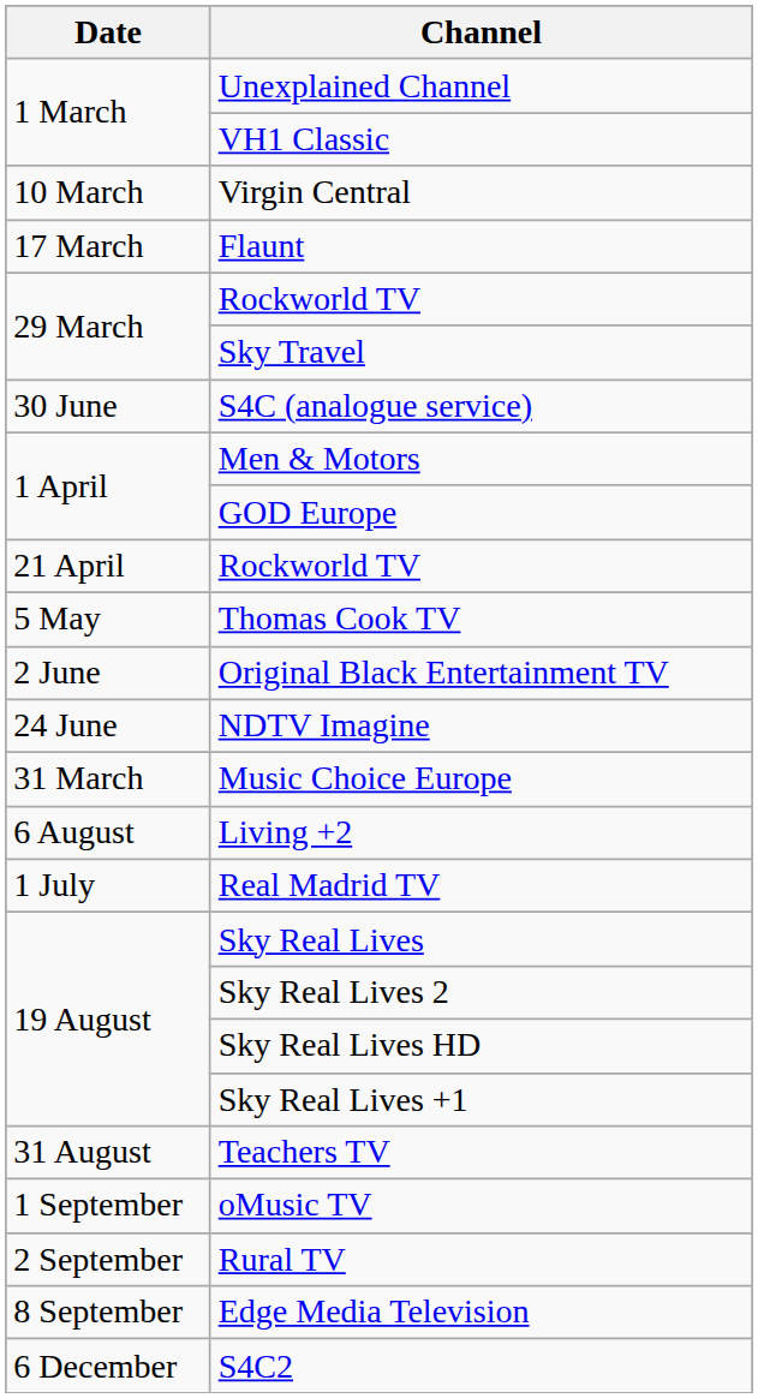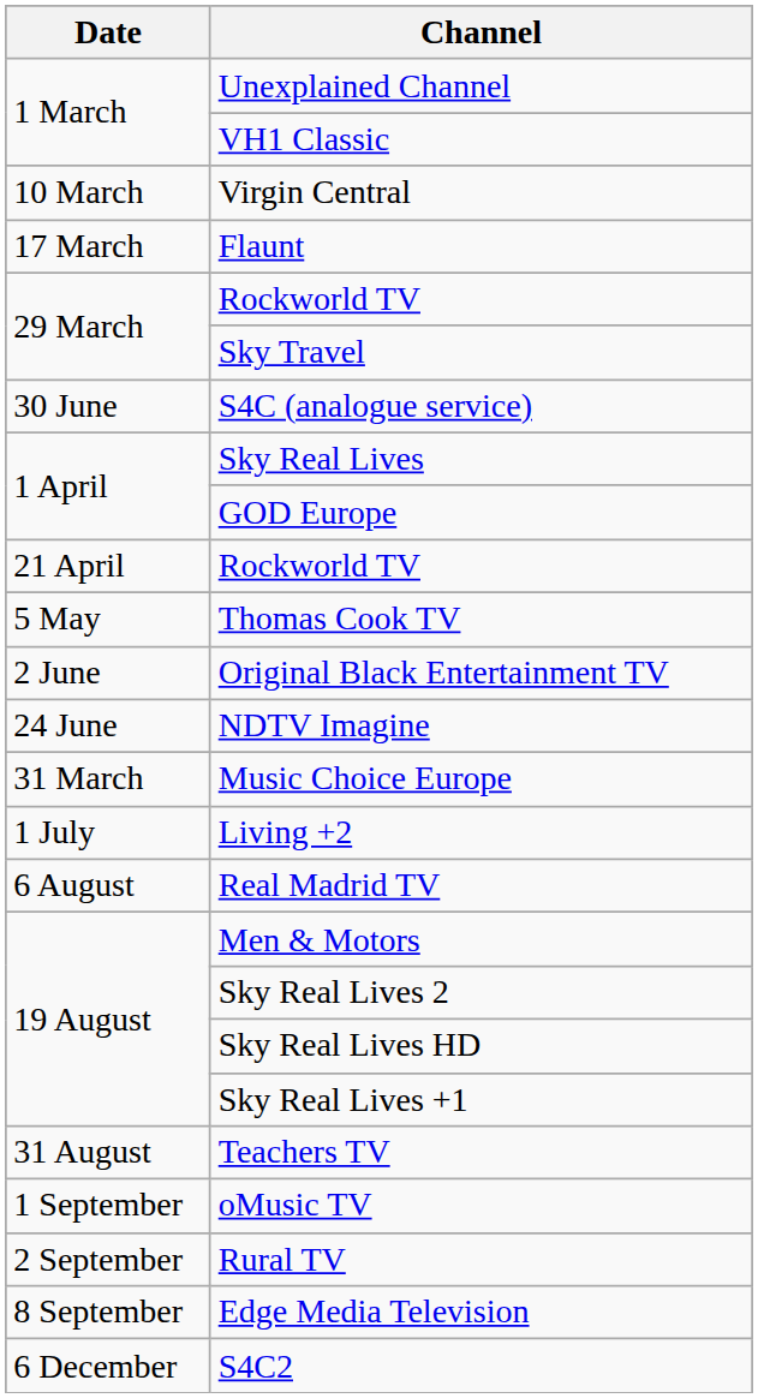 <table class="wikitable">
 <tr>
 <th width=90>Date</th>
 <th width=250>Channel</th>
 </tr>
 <tr>
 <td rowspan=2>1 March</td>
 <td><a href='#'>Unexplained Channel</a></td>
 </tr>
 <tr>
 <td><a href='#'>VH1 Classic</a></td>
 </tr>
 <tr>
 <td>10 March</td>
 <td>Virgin Central</td>
 </tr>
 <tr>
 <td>17 March</td>
 <td><a href='#'>Flaunt</a></td>
 </tr>
 <tr>
 <td rowspan=2>29 March</td>
 <td><a href='#'>Rockworld TV</a></td>
 </tr>
 <tr>
 <td><a href='#'>Sky Travel</a></td>
 </tr>
 <tr>
 <td>30 June</td>
 <td><a href='#'>S4C (analogue service)</a></td>
 </tr>
 <tr>
 <td rowspan=2>1 April</td>
-<td><a href='#'>Men & Motors</a></td>
+<td><a href='#'>Sky Real Lives</a></td>
 </tr>
 <tr>
 <td><a href='#'>GOD Europe</a></td>
 </tr>
 <tr>
 <td>21 April</td>
 <td><a href='#'>Rockworld TV</a></td>
 </tr>
 <tr>
 <td>5 May</td>
 <td><a href='#'>Thomas Cook TV</a></td>
 </tr>
 <tr>
 <td>2 June</td>
 <td><a href='#'>Original Black Entertainment TV</a></td>
 </tr>
 <tr>
 <td>24 June</td>
 <td><a href='#'>NDTV Imagine</a></td>
 </tr>
 <tr>
 <td>31 March</td>
 <td><a href='#'>Music Choice Europe</a></td>
 </tr>
 <tr>
-<td>6 August</td>
+<td>1 July</td>
 <td><a href='#'>Living +2</a></td>
 </tr>
 <tr>
-<td>1 July</td>
+<td>6 August</td>
 <td><a href='#'>Real Madrid TV</a></td>
 </tr>
 <tr>
 <td rowspan=4>19 August</td>
-<td><a href='#'>Sky Real Lives</a></td>
+<td><a href='#'>Men & Motors</a></td>
 </tr>
 <tr>
 <td>Sky Real Lives 2</td>
 </tr>
 <tr>
 <td>Sky Real Lives HD</td>
 </tr>
 <tr>
 <td>Sky Real Lives +1</td>
 </tr>
 <tr>
 <td>31 August</td>
 <td><a href='#'>Teachers TV</a></td>
 </tr>
 <tr>
 <td>1 September</td>
 <td><a href='#'>oMusic TV</a></td>
 </tr>
 <tr>
 <td>2 September</td>
 <td><a href='#'>Rural TV</a></td>
 </tr>
 <tr>
 <td>8 September</td>
 <td><a href='#'>Edge Media Television</a></td>
 </tr>
 <tr>
 <td>6 December</td>
 <td><a href='#'>S4C2</a></td>
 </tr>
 </table>
